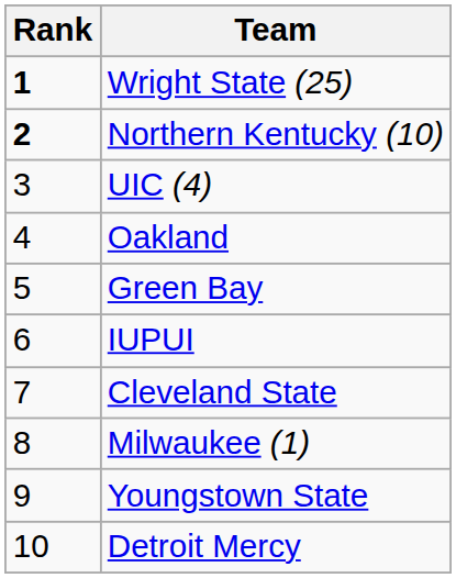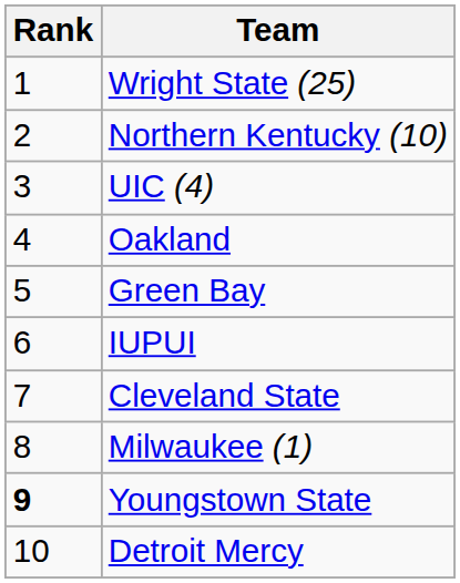 <table class="wikitable">
 <tr>
 <th>Rank</th>
 <th>Team</th>
 </tr>
 <tr>
-<td><strong>1</strong></td>
+<td>1</td>
 <td><a href='#'>Wright State</a> <em>(25)</em></td>
 </tr>
 <tr>
-<td><strong>2</strong></td>
+<td>2</td>
 <td><a href='#'>Northern Kentucky</a>  <em>(10)</em></td>
 </tr>
 <tr>
 <td>3</td>
 <td><a href='#'>UIC</a> <em>(4)</em></td>
 </tr>
 <tr>
 <td>4</td>
 <td><a href='#'>Oakland</a></td>
 </tr>
 <tr>
 <td>5</td>
 <td><a href='#'>Green Bay</a></td>
 </tr>
 <tr>
 <td>6</td>
 <td><a href='#'>IUPUI</a></td>
 </tr>
 <tr>
 <td>7</td>
 <td><a href='#'>Cleveland State</a></td>
 </tr>
 <tr>
 <td>8</td>
 <td><a href='#'>Milwaukee</a> <em>(1)</em></td>
 </tr>
 <tr>
-<td>9</td>
+<td><strong>9</strong></td>
 <td><a href='#'>Youngstown State</a></td>
 </tr>
 <tr>
 <td>10</td>
 <td><a href='#'>Detroit Mercy</a></td>
 </tr>
 </table>
